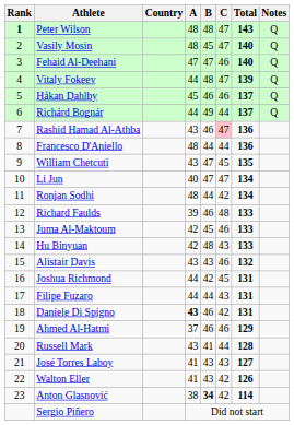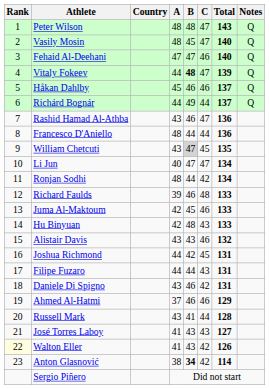 <table class="wikitable sortable" style="text-align:center">
 <tr>
 <th>Rank</th>
 <th>Athlete</th>
 <th>Country</th>
 <th>A</th>
 <th>B</th>
 <th>C</th>
 <th>Total</th>
 <th class="unsortable">Notes</th>
 </tr>
 <tr bgcolor=ccffcc>
-<td><strong>1</strong></td>
+<td>1</td>
 <td align="left"><a href='#'>Peter Wilson</a></td>
 <td align="left"></td>
 <td>48</td>
 <td>48</td>
 <td>47</td>
 <td><strong>143</strong></td>
 <td>Q</td>
 </tr>
 <tr bgcolor=ccffcc>
 <td>2</td>
 <td align="left"><a href='#'>Vasily Mosin</a></td>
 <td align="left"></td>
 <td>48</td>
 <td>45</td>
 <td>47</td>
 <td><strong>140</strong></td>
 <td>Q</td>
 </tr>
 <tr bgcolor=ccffcc>
 <td>3</td>
 <td align="left"><a href='#'>Fehaid Al-Deehani</a></td>
 <td align="left"></td>
 <td>47</td>
 <td>47</td>
 <td>46</td>
 <td><strong>140</strong></td>
 <td>Q</td>
 </tr>
 <tr bgcolor=ccffcc>
 <td>4</td>
 <td align="left"><a href='#'>Vitaly Fokeev</a></td>
 <td align="left"></td>
 <td>44</td>
-<td>48</td>
+<td><strong>48</strong></td>
 <td>47</td>
 <td><strong>139</strong></td>
 <td>Q</td>
 </tr>
 <tr bgcolor=ccffcc>
 <td>5</td>
 <td align="left"><a href='#'>Håkan Dahlby</a></td>
 <td align="left"></td>
 <td>45</td>
 <td>46</td>
 <td>46</td>
 <td><strong>137</strong></td>
 <td>Q</td>
 </tr>
 <tr bgcolor=ccffcc>
 <td>6</td>
 <td align="left"><a href='#'>Richárd Bognár</a></td>
 <td align="left"></td>
 <td>44</td>
 <td>49</td>
 <td>44</td>
 <td><strong>137</strong></td>
 <td>Q</td>
 </tr>
 <tr>
 <td>7</td>
 <td align="left"><a href='#'>Rashid Hamad Al-Athba</a></td>
 <td align="left"></td>
 <td>43</td>
 <td>46</td>
-<td style="background: pink;">47</td>
+<td>47</td>
 <td><strong>136</strong></td>
 <td></td>
 </tr>
 <tr>
 <td>8</td>
 <td align="left"><a href='#'>Francesco D'Aniello</a></td>
 <td align="left"></td>
 <td>48</td>
 <td>44</td>
 <td>44</td>
 <td><strong>136</strong></td>
 <td></td>
 </tr>
 <tr>
 <td>9</td>
 <td align="left"><a href='#'>William Chetcuti</a></td>
 <td align="left"></td>
 <td>43</td>
-<td>47</td>
+<td style="background: lightgrey;">47</td>
 <td>45</td>
 <td><strong>135</strong></td>
 <td></td>
 </tr>
 <tr>
 <td>10</td>
 <td align="left"><a href='#'>Li Jun</a></td>
 <td align="left"></td>
 <td>40</td>
 <td>47</td>
 <td>47</td>
 <td><strong>134</strong></td>
 <td></td>
 </tr>
 <tr>
 <td>11</td>
 <td align="left"><a href='#'>Ronjan Sodhi</a></td>
 <td align="left"></td>
 <td>48</td>
 <td>44</td>
 <td>42</td>
 <td><strong>134</strong></td>
 <td></td>
 </tr>
 <tr>
 <td>12</td>
 <td align="left"><a href='#'>Richard Faulds</a></td>
 <td align="left"></td>
 <td>39</td>
 <td>46</td>
 <td>48</td>
 <td><strong>133</strong></td>
 <td></td>
 </tr>
 <tr>
 <td>13</td>
 <td align="left"><a href='#'>Juma Al-Maktoum</a></td>
 <td align="left"></td>
 <td>42</td>
 <td>45</td>
 <td>46</td>
 <td><strong>133</strong></td>
 <td></td>
 </tr>
 <tr>
 <td>14</td>
 <td align="left"><a href='#'>Hu Binyuan</a></td>
 <td align="left"></td>
 <td>42</td>
 <td>48</td>
 <td>43</td>
 <td><strong>133</strong></td>
 <td></td>
 </tr>
 <tr>
 <td>15</td>
 <td align="left"><a href='#'>Alistair Davis</a></td>
 <td align="left"></td>
 <td>43</td>
 <td>43</td>
 <td>46</td>
 <td><strong>132</strong></td>
 <td></td>
 </tr>
 <tr>
 <td>16</td>
 <td align="left"><a href='#'>Joshua Richmond</a></td>
 <td align="left"></td>
 <td>44</td>
 <td>42</td>
 <td>45</td>
 <td><strong>131</strong></td>
 <td></td>
 </tr>
 <tr>
 <td>17</td>
 <td align="left"><a href='#'>Filipe Fuzaro</a></td>
 <td align="left"></td>
 <td>44</td>
 <td>44</td>
 <td>43</td>
 <td><strong>131</strong></td>
 <td></td>
 </tr>
 <tr>
 <td>18</td>
 <td align="left"><a href='#'>Daniele Di Spigno</a></td>
 <td align="left"></td>
-<td><strong>43</strong></td>
+<td>43</td>
 <td>46</td>
 <td>42</td>
 <td><strong>131</strong></td>
 <td></td>
 </tr>
 <tr>
 <td>19</td>
 <td align="left"><a href='#'>Ahmed Al-Hatmi</a></td>
 <td align="left"></td>
 <td>37</td>
 <td>46</td>
 <td>46</td>
 <td><strong>129</strong></td>
 <td></td>
 </tr>
 <tr>
 <td>20</td>
 <td align="left"><a href='#'>Russell Mark</a></td>
 <td align="left"></td>
 <td>43</td>
 <td>41</td>
 <td>44</td>
 <td><strong>128</strong></td>
 <td></td>
 </tr>
 <tr>
 <td>21</td>
 <td align="left"><a href='#'>José Torres Laboy</a></td>
 <td align="left"></td>
 <td>41</td>
 <td>43</td>
 <td>43</td>
 <td><strong>127</strong></td>
 <td></td>
 </tr>
 <tr>
-<td>22</td>
+<td style="background: lightyellow;">22</td>
 <td align="left"><a href='#'>Walton Eller</a></td>
 <td align="left"></td>
 <td>41</td>
 <td>43</td>
 <td>42</td>
 <td><strong>126</strong></td>
 <td></td>
 </tr>
 <tr>
 <td>23</td>
 <td align="left"><a href='#'>Anton Glasnović</a></td>
 <td align="left"></td>
 <td>38</td>
 <td><strong>34</strong></td>
 <td>42</td>
 <td><strong>114</strong></td>
 <td></td>
 </tr>
 <tr>
 <td></td>
 <td align="left"><a href='#'>Sergio Piñero</a></td>
 <td align="left"></td>
 <td colspan=5>Did not start</td>
 </tr>
 </table>
